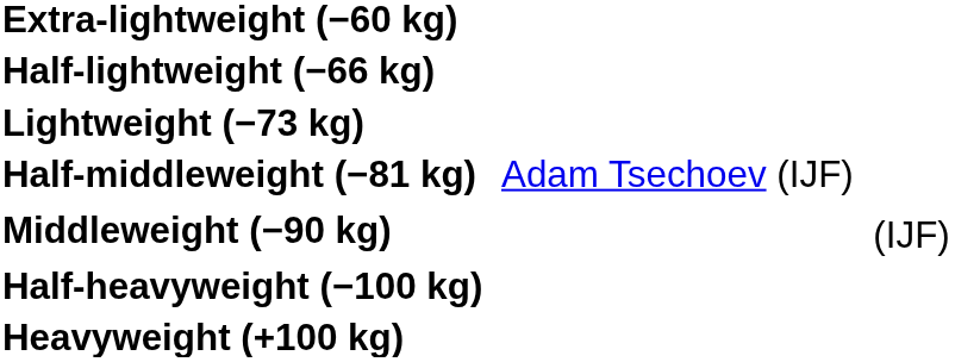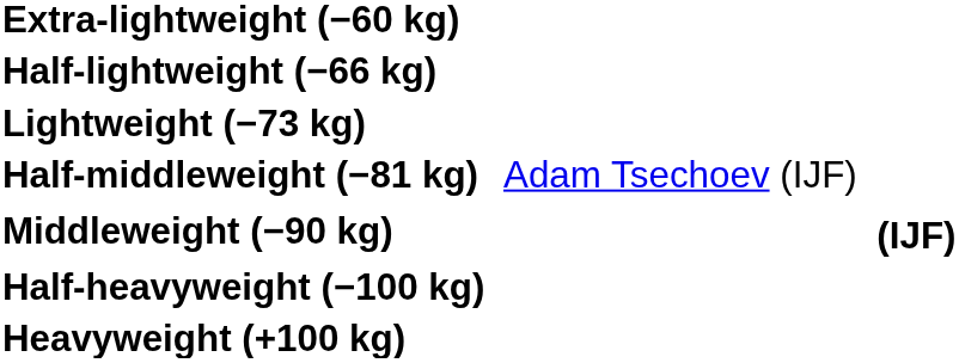 <table>
 <tr>
 <th rowspan=2 style="text-align:left;">Extra-lightweight (−60 kg)</th>
 <td rowspan=2></td>
 <td rowspan=2></td>
 <td></td>
 </tr>
 <tr>
 <td></td>
 </tr>
 <tr>
 <th rowspan=2 style="text-align:left;">Half-lightweight (−66 kg)</th>
 <td rowspan=2></td>
 <td rowspan=2></td>
 <td></td>
 </tr>
 <tr>
 <td></td>
 </tr>
 <tr>
 <th rowspan=2 style="text-align:left;">Lightweight (−73 kg)</th>
 <td rowspan=2></td>
 <td rowspan=2></td>
 <td></td>
 </tr>
 <tr>
 <td></td>
 </tr>
 <tr>
 <th rowspan=2 style="text-align:left;">Half-middleweight (−81 kg)</th>
 <td rowspan=2></td>
 <td rowspan=2> <a href='#'>Adam Tsechoev</a> <span>(<abbr>IJF</abbr>)</span></td>
 <td></td>
 </tr>
 <tr>
 <td></td>
 </tr>
 <tr>
 <th rowspan=2 style="text-align:left;">Middleweight (−90 kg)</th>
 <td rowspan=2></td>
 <td rowspan=2></td>
 <td></td>
 </tr>
 <tr>
-<td>  <span>(<abbr>IJF</abbr>)</span></td>
+<td><strong>  <span>(<abbr>IJF</abbr>)</span></strong></td>
 </tr>
 <tr>
 <th rowspan=2 style="text-align:left;">Half-heavyweight (−100 kg)</th>
 <td rowspan=2></td>
 <td rowspan=2></td>
 <td></td>
 </tr>
 <tr>
 <td></td>
 </tr>
 <tr>
 <th rowspan=2 style="text-align:left;">Heavyweight (+100 kg)</th>
 <td rowspan=2></td>
 <td rowspan=2></td>
 <td></td>
 </tr>
 <tr>
 <td></td>
 </tr>
 </table>
